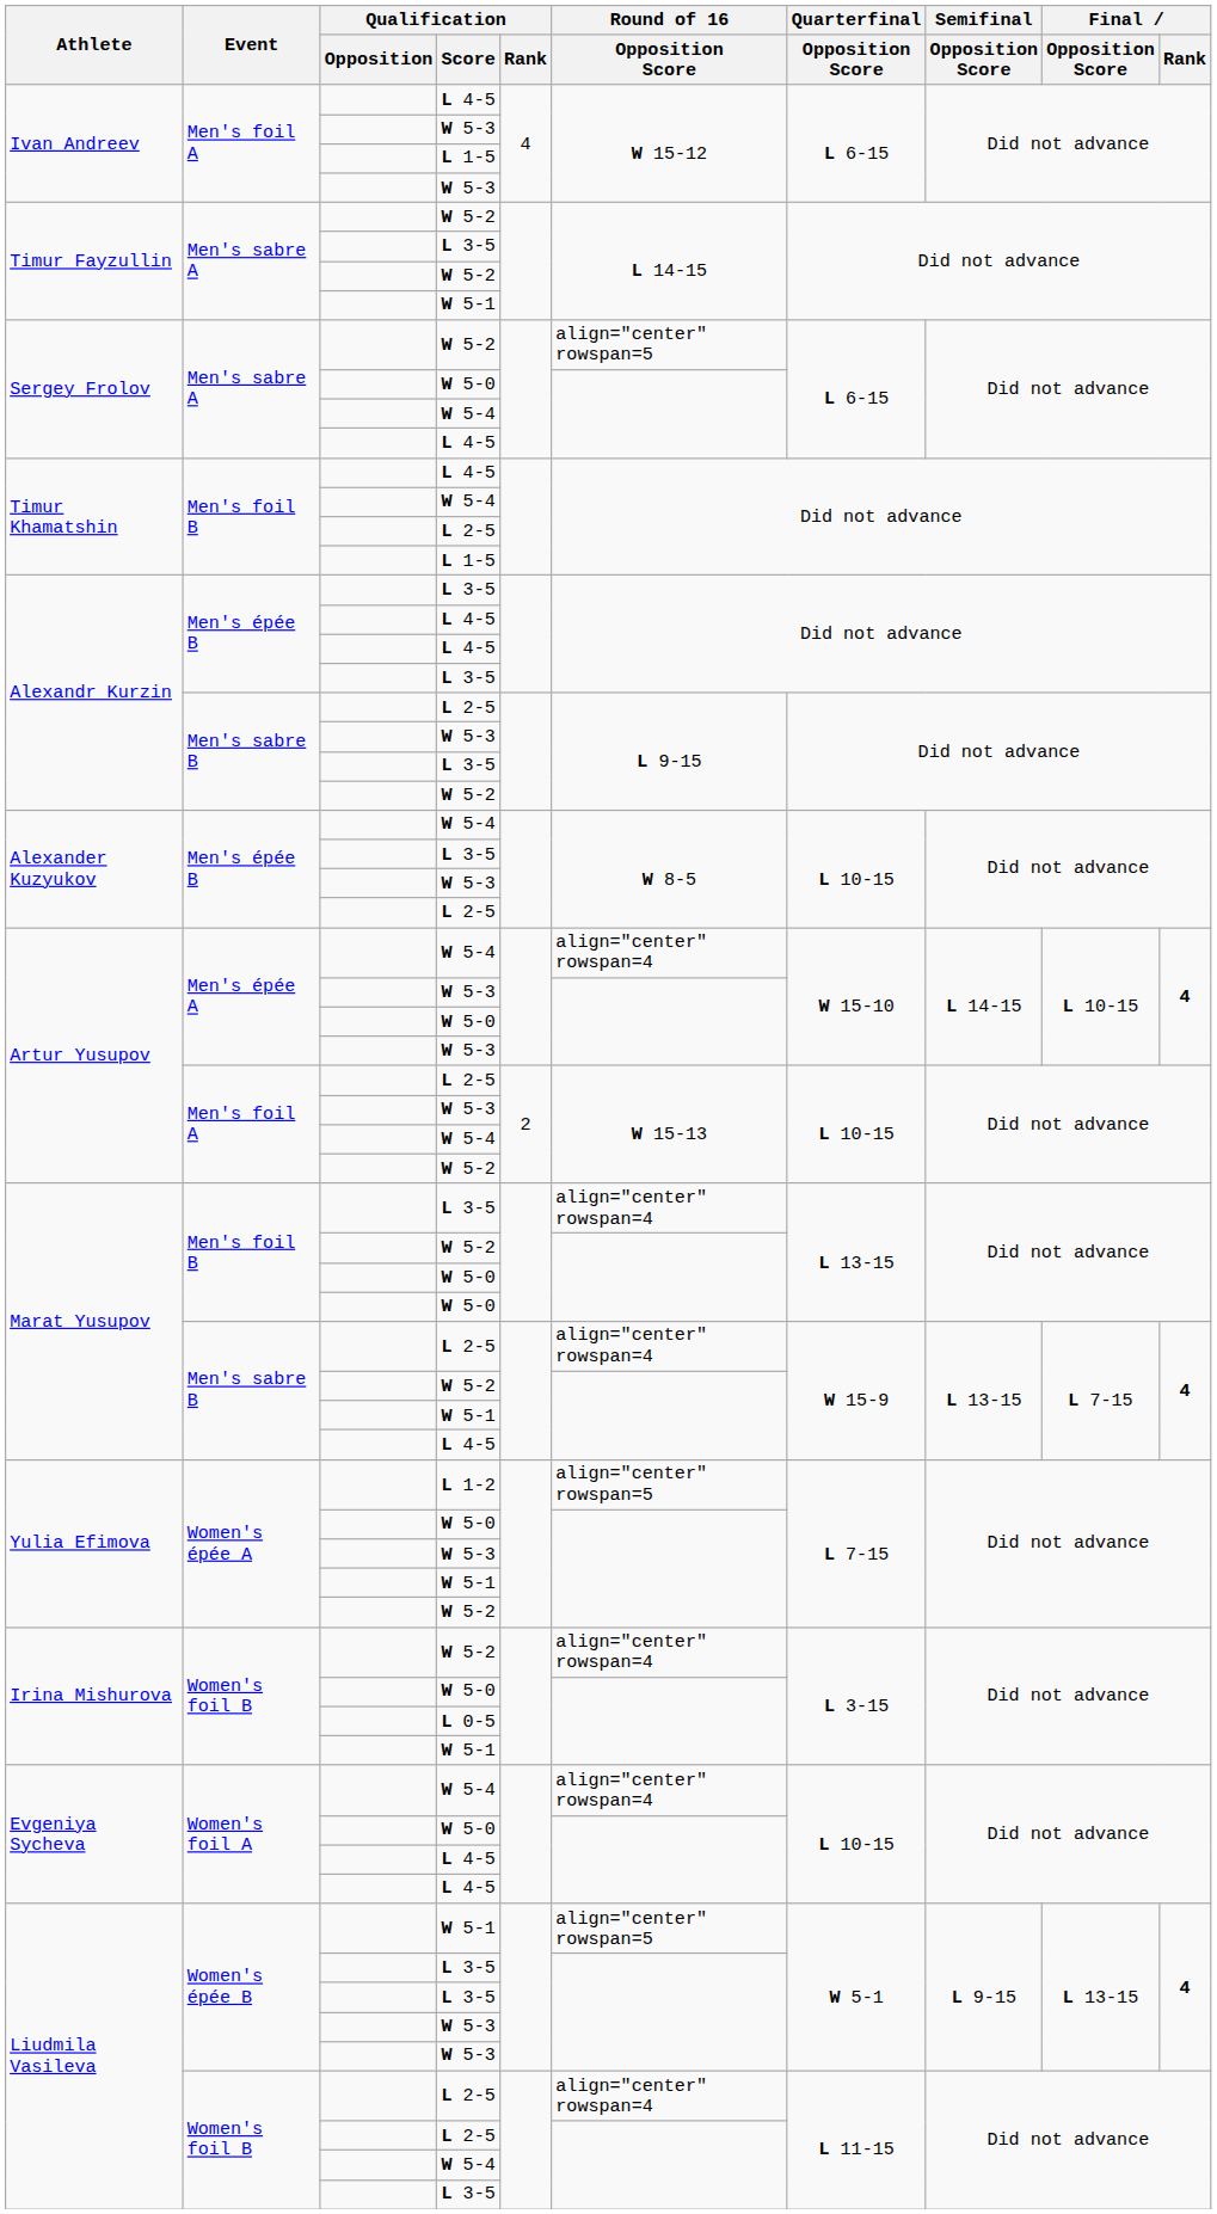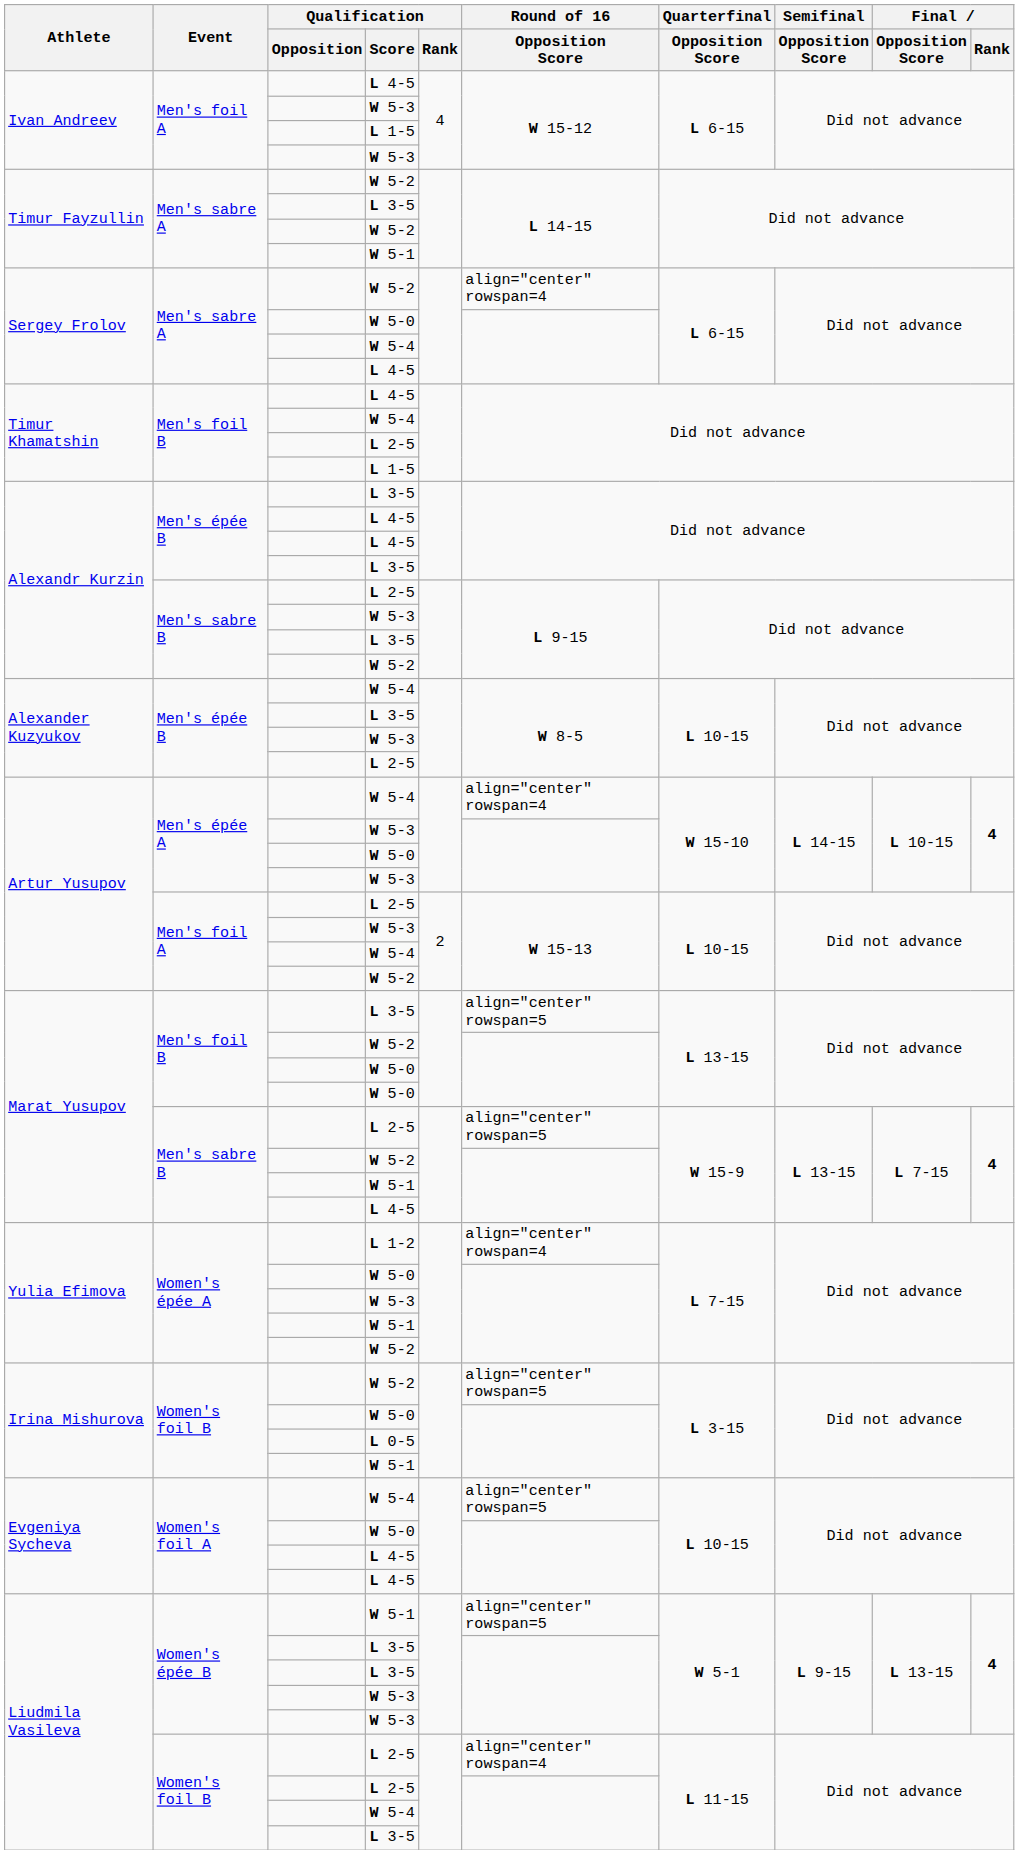 <table class=wikitable>
 <tr>
 <th rowspan="2">Athlete</th>
 <th rowspan="2">Event</th>
 <th colspan="3">Qualification</th>
 <th>Round of 16</th>
 <th>Quarterfinal</th>
 <th>Semifinal</th>
 <th colspan="2">Final / </th>
 </tr>
 <tr>
 <th>Opposition</th>
 <th>Score</th>
 <th>Rank</th>
 <th>Opposition<br>Score</th>
 <th>Opposition<br>Score</th>
 <th>Opposition<br>Score</th>
 <th>Opposition<br>Score</th>
 <th>Rank</th>
 </tr>
 <tr>
 <td rowspan=4><a href='#'>Ivan Andreev</a></td>
 <td rowspan=4><a href='#'>Men's foil A</a></td>
 <td></td>
 <td><strong>L</strong> 4-5</td>
 <td align="center" rowspan=4>4</td>
 <td align="center" rowspan=4><br><strong>W</strong> 15-12</td>
 <td align="center" rowspan=4><br><strong>L</strong> 6-15</td>
 <td align="center" rowspan=4 colspan=3>Did not advance</td>
 </tr>
 <tr>
 <td></td>
 <td><strong>W</strong> 5-3</td>
 </tr>
 <tr>
 <td></td>
 <td><strong>L</strong> 1-5</td>
 </tr>
 <tr>
 <td></td>
 <td><strong>W</strong> 5-3</td>
 </tr>
 <tr>
 <td rowspan=4><a href='#'>Timur Fayzullin</a></td>
 <td rowspan=4><a href='#'>Men's sabre A</a></td>
 <td></td>
 <td><strong>W</strong> 5-2</td>
 <td align="center" rowspan=4></td>
 <td align="center" rowspan=4><br><strong>L</strong> 14-15</td>
 <td align="center" rowspan=4 colspan=4>Did not advance</td>
 </tr>
 <tr>
 <td></td>
 <td><strong>L</strong> 3-5</td>
 </tr>
 <tr>
 <td></td>
 <td><strong>W</strong> 5-2</td>
 </tr>
 <tr>
 <td></td>
 <td><strong>W</strong> 5-1</td>
 </tr>
 <tr>
 <td rowspan=4><a href='#'>Sergey Frolov</a></td>
 <td rowspan=4><a href='#'>Men's sabre A</a></td>
 <td></td>
 <td><strong>W</strong> 5-2</td>
 <td align="center" rowspan=4></td>
-<td>align="center" rowspan=5 </td>
+<td>align="center" rowspan=4 </td>
 <td align="center" rowspan=4><br><strong>L</strong> 6-15</td>
 <td align="center" rowspan=4 colspan=3>Did not advance</td>
 </tr>
 <tr>
 <td></td>
 <td><strong>W</strong> 5-0</td>
 </tr>
 <tr>
 <td></td>
 <td><strong>W</strong> 5-4</td>
 </tr>
 <tr>
 <td></td>
 <td><strong>L</strong> 4-5</td>
 </tr>
 <tr>
 <td rowspan=4><a href='#'>Timur Khamatshin</a></td>
 <td rowspan=4><a href='#'>Men's foil B</a></td>
 <td></td>
 <td><strong>L</strong> 4-5</td>
 <td align="center" rowspan=4></td>
 <td align="center" rowspan=4 colspan=5>Did not advance</td>
 </tr>
 <tr>
 <td></td>
 <td><strong>W</strong> 5-4</td>
 </tr>
 <tr>
 <td></td>
 <td><strong>L</strong> 2-5</td>
 </tr>
 <tr>
 <td></td>
 <td><strong>L</strong> 1-5</td>
 </tr>
 <tr>
 <td rowspan=8><a href='#'>Alexandr Kurzin</a></td>
 <td rowspan=4><a href='#'>Men's épée B</a></td>
 <td></td>
 <td><strong>L</strong> 3-5</td>
 <td align="center" rowspan=4></td>
 <td align="center" rowspan=4 colspan=5>Did not advance</td>
 </tr>
 <tr>
 <td></td>
 <td><strong>L</strong> 4-5</td>
 </tr>
 <tr>
 <td></td>
 <td><strong>L</strong> 4-5</td>
 </tr>
 <tr>
 <td></td>
 <td><strong>L</strong> 3-5</td>
 </tr>
 <tr>
 <td rowspan=4><a href='#'>Men's sabre B</a></td>
 <td></td>
 <td><strong>L</strong> 2-5</td>
 <td align="center" rowspan=4></td>
 <td align="center" rowspan=4><br><strong>L</strong> 9-15</td>
 <td align="center" rowspan=4 colspan=5>Did not advance</td>
 </tr>
 <tr>
 <td></td>
 <td><strong>W</strong> 5-3</td>
 </tr>
 <tr>
 <td></td>
 <td><strong>L</strong> 3-5</td>
 </tr>
 <tr>
 <td></td>
 <td><strong>W</strong> 5-2</td>
 </tr>
 <tr>
 <td rowspan=4><a href='#'>Alexander Kuzyukov</a></td>
 <td rowspan=4><a href='#'>Men's épée B</a></td>
 <td></td>
 <td><strong>W</strong> 5-4</td>
 <td align="center" rowspan=4></td>
 <td align="center" rowspan=4><br><strong>W</strong> 8-5</td>
 <td align="center" rowspan=4><br><strong>L</strong> 10-15</td>
 <td align="center" rowspan=4 colspan=3>Did not advance</td>
 </tr>
 <tr>
 <td></td>
 <td><strong>L</strong> 3-5</td>
 </tr>
 <tr>
 <td></td>
 <td><strong>W</strong> 5-3</td>
 </tr>
 <tr>
 <td></td>
 <td><strong>L</strong> 2-5</td>
 </tr>
 <tr>
 <td rowspan=8><a href='#'>Artur Yusupov</a></td>
 <td rowspan=4><a href='#'>Men's épée A</a></td>
 <td></td>
 <td><strong>W</strong> 5-4</td>
 <td align="center" rowspan=4></td>
 <td>align="center" rowspan=4 </td>
 <td align="center" rowspan=4><br><strong>W</strong> 15-10</td>
 <td align="center" rowspan=4><br><strong>L</strong> 14-15</td>
 <td align="center" rowspan=4><br><strong>L</strong> 10-15</td>
 <td align="center" rowspan=4><strong>4</strong></td>
 </tr>
 <tr>
 <td></td>
 <td><strong>W</strong> 5-3</td>
 </tr>
 <tr>
 <td></td>
 <td><strong>W</strong> 5-0</td>
 </tr>
 <tr>
 <td></td>
 <td><strong>W</strong> 5-3</td>
 </tr>
 <tr>
 <td rowspan=4><a href='#'>Men's foil A</a></td>
 <td></td>
 <td><strong>L</strong> 2-5</td>
 <td align="center" rowspan=4>2</td>
 <td align="center" rowspan=4><br><strong>W</strong> 15-13</td>
 <td align="center" rowspan=4><br><strong>L</strong> 10-15</td>
 <td align="center" rowspan=4 colspan=3>Did not advance</td>
 </tr>
 <tr>
 <td></td>
 <td><strong>W</strong> 5-3</td>
 </tr>
 <tr>
 <td></td>
 <td><strong>W</strong> 5-4</td>
 </tr>
 <tr>
 <td></td>
 <td><strong>W</strong> 5-2</td>
 </tr>
 <tr>
 <td rowspan=8><a href='#'>Marat Yusupov</a></td>
 <td rowspan=4><a href='#'>Men's foil B</a></td>
 <td></td>
 <td><strong>L</strong> 3-5</td>
 <td align="center" rowspan=4></td>
-<td>align="center" rowspan=4 </td>
+<td>align="center" rowspan=5 </td>
 <td align="center" rowspan=4><br><strong>L</strong> 13-15</td>
 <td align="center" rowspan=4 colspan=3>Did not advance</td>
 </tr>
 <tr>
 <td></td>
 <td><strong>W</strong> 5-2</td>
 </tr>
 <tr>
 <td></td>
 <td><strong>W</strong> 5-0</td>
 </tr>
 <tr>
 <td></td>
 <td><strong>W</strong> 5-0</td>
 </tr>
 <tr>
 <td rowspan=4><a href='#'>Men's sabre B</a></td>
 <td></td>
 <td><strong>L</strong> 2-5</td>
 <td align="center" rowspan=4></td>
-<td>align="center" rowspan=4 </td>
+<td>align="center" rowspan=5 </td>
 <td align="center" rowspan=4><br><strong>W</strong> 15-9</td>
 <td align="center" rowspan=4><br><strong>L</strong> 13-15</td>
 <td align="center" rowspan=4><br><strong>L</strong> 7-15</td>
 <td align="center" rowspan=4><strong>4</strong></td>
 </tr>
 <tr>
 <td></td>
 <td><strong>W</strong> 5-2</td>
 </tr>
 <tr>
 <td></td>
 <td><strong>W</strong> 5-1</td>
 </tr>
 <tr>
 <td></td>
 <td><strong>L</strong> 4-5</td>
 </tr>
 <tr>
 <td rowspan=5><a href='#'>Yulia Efimova</a></td>
 <td rowspan=5><a href='#'>Women's épée A</a></td>
 <td></td>
 <td><strong>L</strong> 1-2</td>
 <td align="center" rowspan=5></td>
-<td>align="center" rowspan=5 </td>
+<td>align="center" rowspan=4 </td>
 <td align="center" rowspan=5><br><strong>L</strong> 7-15</td>
 <td align="center" rowspan=5 colspan=3>Did not advance</td>
 </tr>
 <tr>
 <td></td>
 <td><strong>W</strong> 5-0</td>
 </tr>
 <tr>
 <td></td>
 <td><strong>W</strong> 5-3</td>
 </tr>
 <tr>
 <td></td>
 <td><strong>W</strong> 5-1</td>
 </tr>
 <tr>
 <td></td>
 <td><strong>W</strong> 5-2</td>
 </tr>
 <tr>
 <td rowspan=4><a href='#'>Irina Mishurova</a></td>
 <td rowspan=4><a href='#'>Women's foil B</a></td>
 <td></td>
 <td><strong>W</strong> 5-2</td>
 <td align="center" rowspan=4></td>
-<td>align="center" rowspan=4 </td>
+<td>align="center" rowspan=5 </td>
 <td align="center" rowspan=4><br><strong>L</strong> 3-15</td>
 <td align="center" rowspan=4 colspan=3>Did not advance</td>
 </tr>
 <tr>
 <td></td>
 <td><strong>W</strong> 5-0</td>
 </tr>
 <tr>
 <td></td>
 <td><strong>L</strong> 0-5</td>
 </tr>
 <tr>
 <td></td>
 <td><strong>W</strong> 5-1</td>
 </tr>
 <tr>
 <td rowspan=4><a href='#'>Evgeniya Sycheva</a></td>
 <td rowspan=4><a href='#'>Women's foil A</a></td>
 <td></td>
 <td><strong>W</strong> 5-4</td>
 <td align="center" rowspan=4></td>
-<td>align="center" rowspan=4 </td>
+<td>align="center" rowspan=5 </td>
 <td align="center" rowspan=4><br><strong>L</strong> 10-15</td>
 <td align="center" rowspan=4 colspan=3>Did not advance</td>
 </tr>
 <tr>
 <td></td>
 <td><strong>W</strong> 5-0</td>
 </tr>
 <tr>
 <td></td>
 <td><strong>L</strong> 4-5</td>
 </tr>
 <tr>
 <td></td>
 <td><strong>L</strong> 4-5</td>
 </tr>
 <tr>
 <td rowspan=9><a href='#'>Liudmila Vasileva</a></td>
 <td rowspan=5><a href='#'>Women's épée B</a></td>
 <td></td>
 <td><strong>W</strong> 5-1</td>
 <td align="center" rowspan=5></td>
 <td>align="center" rowspan=5 </td>
 <td align="center" rowspan=5><br><strong>W</strong> 5-1</td>
 <td align="center" rowspan=5><br><strong>L</strong> 9-15</td>
 <td align="center" rowspan=5><br><strong>L</strong> 13-15</td>
 <td align="center" rowspan=5><strong>4</strong></td>
 </tr>
 <tr>
 <td></td>
 <td><strong>L</strong> 3-5</td>
 </tr>
 <tr>
 <td></td>
 <td><strong>L</strong> 3-5</td>
 </tr>
 <tr>
 <td></td>
 <td><strong>W</strong> 5-3</td>
 </tr>
 <tr>
 <td></td>
 <td><strong>W</strong> 5-3</td>
 </tr>
 <tr>
 <td rowspan=4><a href='#'>Women's foil B</a></td>
 <td></td>
 <td><strong>L</strong> 2-5</td>
 <td align="center" rowspan=4></td>
 <td>align="center" rowspan=4 </td>
 <td align="center" rowspan=4><br><strong>L</strong> 11-15</td>
 <td align="center" rowspan=4 colspan=3>Did not advance</td>
 </tr>
 <tr>
 <td></td>
 <td><strong>L</strong> 2-5</td>
 </tr>
 <tr>
 <td></td>
 <td><strong>W</strong> 5-4</td>
 </tr>
 <tr>
 <td></td>
 <td><strong>L</strong> 3-5</td>
 </tr>
 </table>
